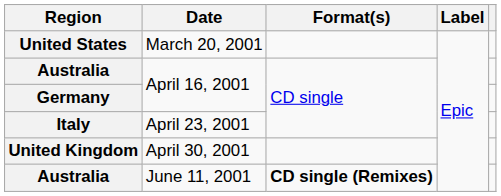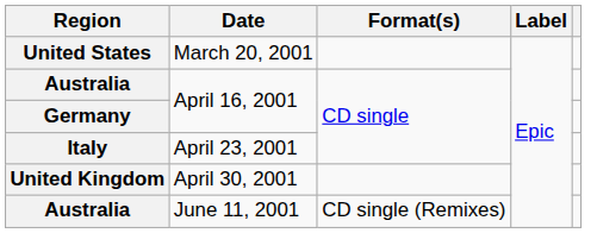 <table class="wikitable plainrowheaders">
 <tr>
 <th scope="col">Region</th>
 <th scope="col">Date</th>
 <th scope="col">Format(s)</th>
 <th scope="col">Label</th>
 <th scope="col"></th>
 </tr>
 <tr>
 <th scope="row">United States</th>
 <td>March 20, 2001</td>
 <td></td>
 <td rowspan="6"><a href='#'>Epic</a></td>
 <td></td>
 </tr>
 <tr>
 <th scope="row">Australia</th>
 <td rowspan="2">April 16, 2001</td>
 <td rowspan="3"><a href='#'>CD single</a></td>
 <td></td>
 </tr>
 <tr>
 <th scope="row">Germany</th>
 <td></td>
 </tr>
 <tr>
 <th scope="row">Italy</th>
 <td>April 23, 2001</td>
 <td></td>
 </tr>
 <tr>
 <th scope="row">United Kingdom</th>
 <td>April 30, 2001</td>
 <td></td>
 <td></td>
 </tr>
 <tr>
 <th scope="row">Australia</th>
 <td>June 11, 2001</td>
-<td><strong>CD single (Remixes)</strong></td>
+<td>CD single (Remixes)</td>
 <td></td>
 </tr>
 </table>
